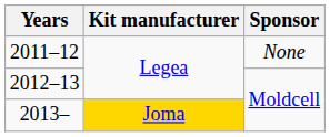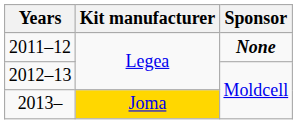 <table class="wikitable" style="text-align: center">
 <tr>
 <th>Years</th>
 <th>Kit manufacturer</th>
 <th>Sponsor</th>
 </tr>
 <tr>
 <td>2011–12</td>
 <td rowspan= "2"><a href='#'>Legea</a></td>
-<td><em>None</em></td>
+<td><strong><em>None</em></strong></td>
 </tr>
 <tr>
 <td>2012–13</td>
 <td rowspan= "2"><a href='#'>Moldcell</a></td>
 </tr>
 <tr>
 <td>2013–</td>
 <td style="background: gold;"><a href='#'>Joma</a></td>
 </tr>
 </table>
